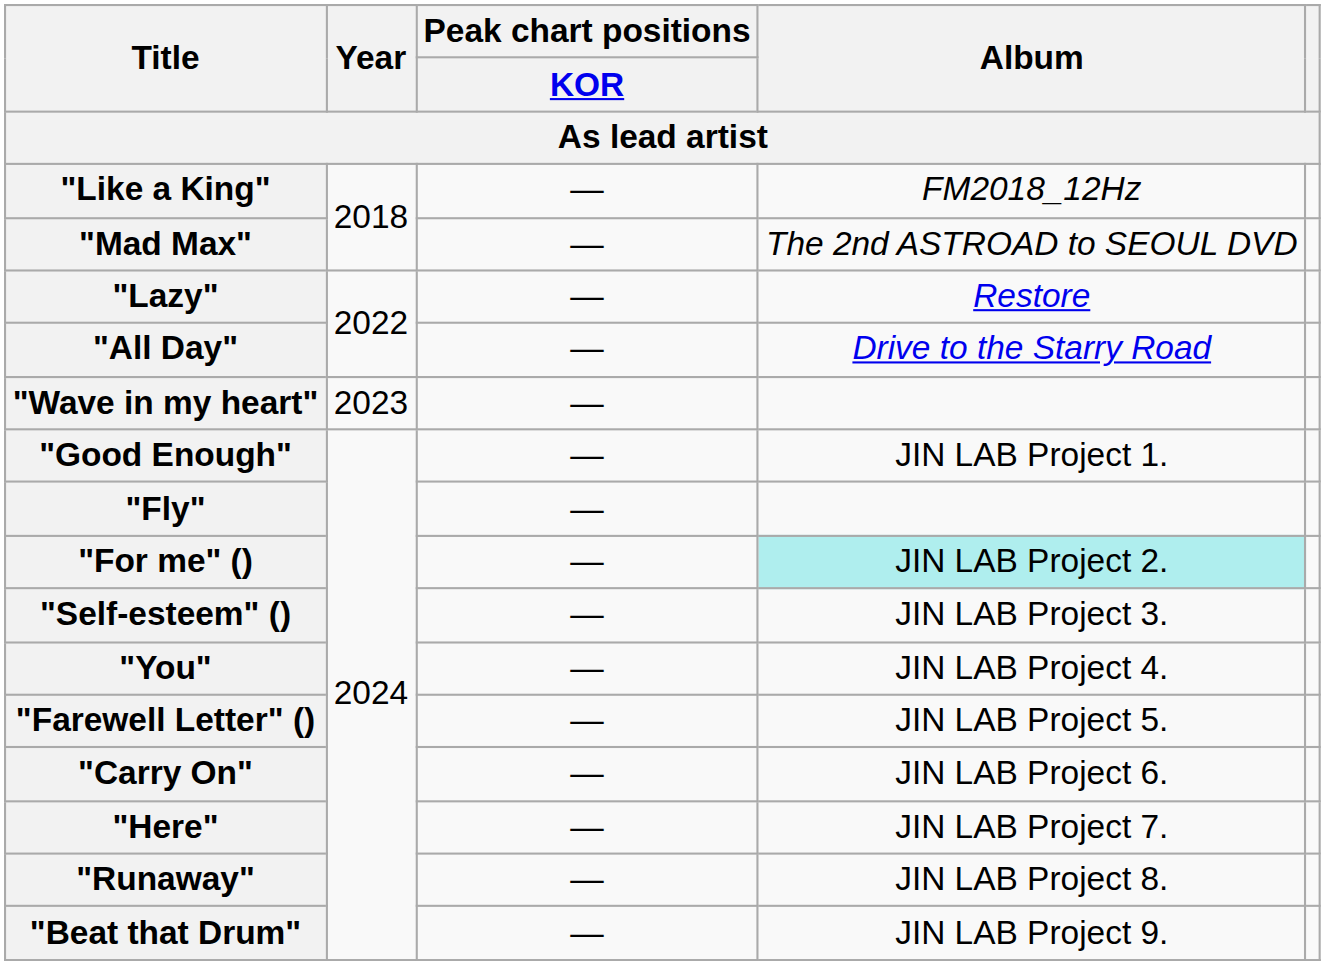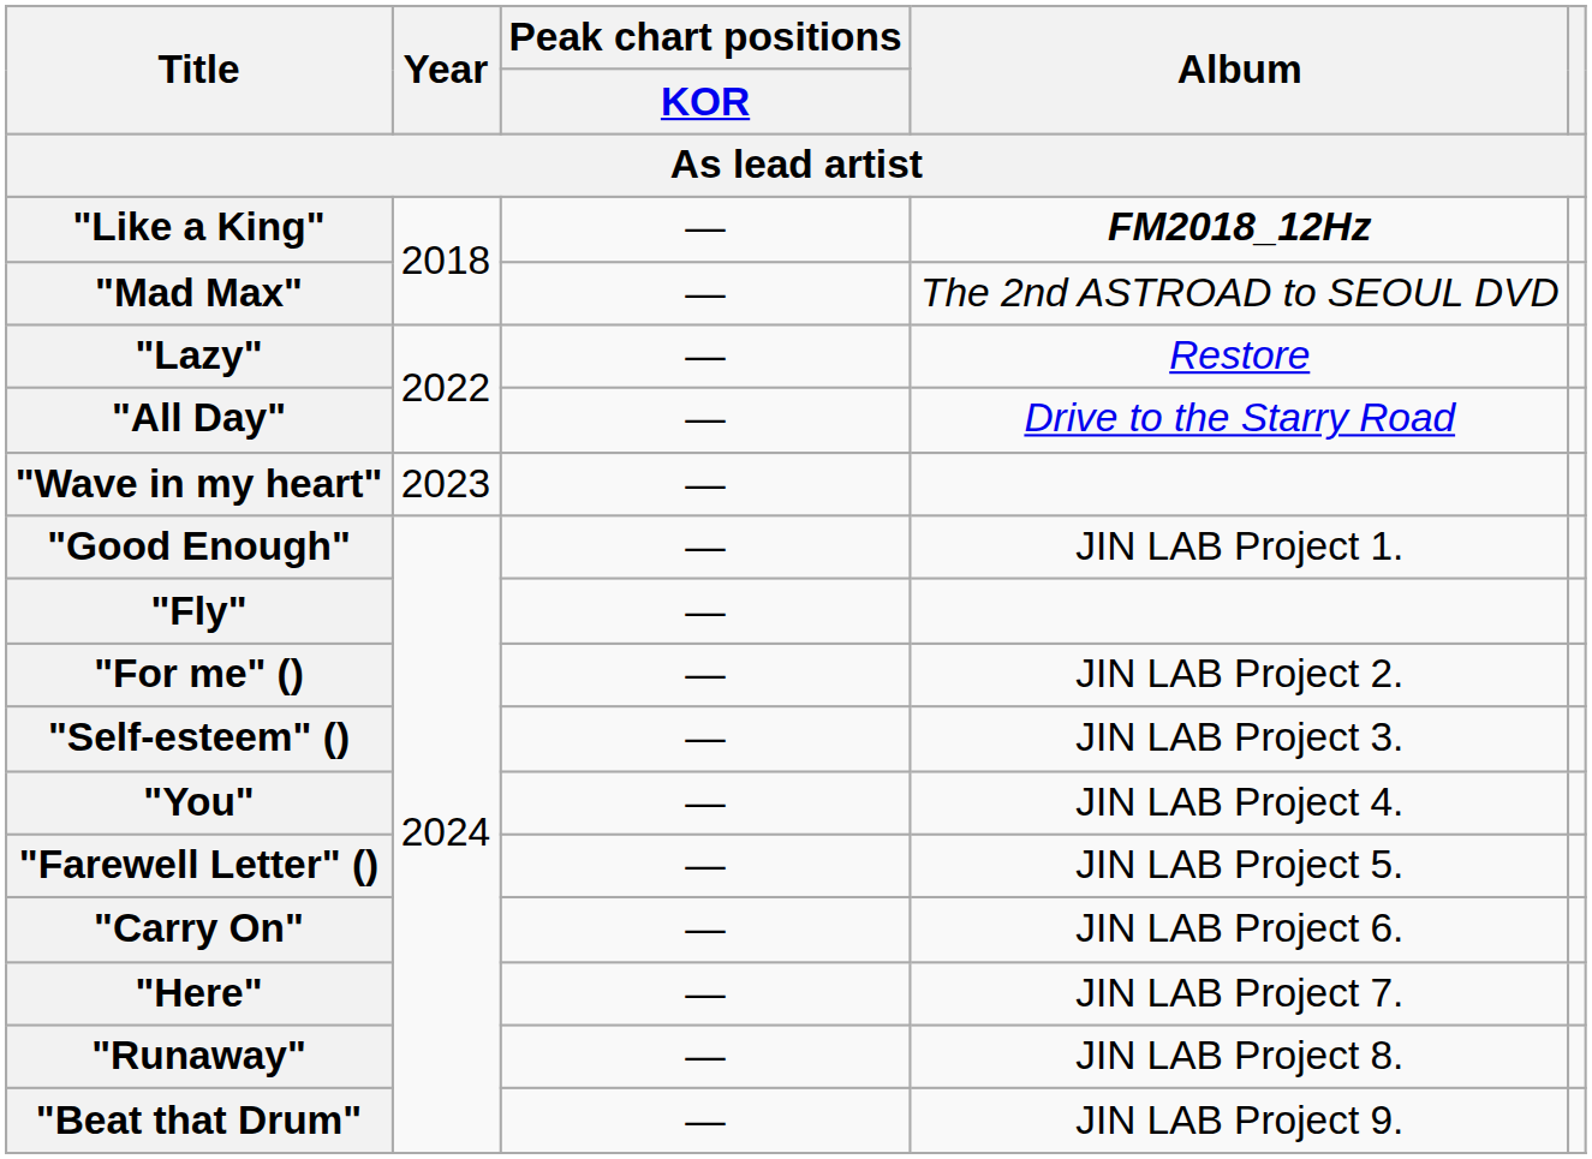 <table class="wikitable plainrowheaders" style="text-align:center;">
 <tr>
 <th rowspan="2">Title</th>
 <th rowspan="2">Year</th>
 <th colspan="">Peak chart positions</th>
 <th rowspan="2">Album</th>
 <th rowspan="2"></th>
 </tr>
 <tr>
 <th><a href='#'>KOR</a></th>
 </tr>
 <tr>
 <th colspan="6">As lead artist</th>
 </tr>
 <tr>
 <th scope="row">"Like a King" <br></th>
 <td rowspan="2">2018</td>
 <td>—</td>
-<td><em>FM2018_12Hz</em></td>
+<td><strong><em>FM2018_12Hz</em></strong></td>
 <td style="text-align:center"></td>
 </tr>
 <tr>
 <th scope="row">"Mad Max"</th>
 <td>—</td>
 <td><em>The 2nd ASTROAD to SEOUL DVD</em></td>
 <td style="text-align:center"></td>
 </tr>
 <tr>
 <th scope="row">"Lazy" <br></th>
 <td rowspan="2">2022</td>
 <td>—</td>
 <td><em><a href='#'>Restore</a></em></td>
 <td style="text-align:center"></td>
 </tr>
 <tr>
 <th scope="row">"All Day"</th>
 <td>—</td>
 <td><em><a href='#'>Drive to the Starry Road</a></em></td>
 <td></td>
 </tr>
 <tr>
 <th scope="row">"Wave in my heart" <br></th>
 <td>2023</td>
 <td>—</td>
 <td></td>
 <td style="text-align:center"></td>
 </tr>
 <tr>
 <th scope="row">"Good Enough"</th>
 <td rowspan="10">2024</td>
 <td>—</td>
 <td>JIN LAB Project 1.</td>
 <td style="text-align:center"></td>
 </tr>
 <tr>
 <th scope="row">"Fly" <br></th>
 <td>—</td>
 <td></td>
 <td style="text-align:center"></td>
 </tr>
 <tr>
 <th scope="row">"For me" () <br></th>
 <td>—</td>
-<td style="background: paleturquoise;">JIN LAB Project 2.</td>
+<td>JIN LAB Project 2.</td>
 <td style="text-align:center"></td>
 </tr>
 <tr>
 <th scope="row">"Self-esteem" ()</th>
 <td>—</td>
 <td>JIN LAB Project 3.</td>
 <td style="text-align:center"></td>
 </tr>
 <tr>
 <th scope="row">"You"</th>
 <td>—</td>
 <td>JIN LAB Project 4.</td>
 <td style="text-align:center"></td>
 </tr>
 <tr>
 <th scope="row">"Farewell Letter" ()</th>
 <td>—</td>
 <td>JIN LAB Project 5.</td>
 <td style="text-align:center"></td>
 </tr>
 <tr>
 <th scope="row">"Carry On"</th>
 <td>—</td>
 <td>JIN LAB Project 6.</td>
 <td style="text-align:center"></td>
 </tr>
 <tr>
 <th scope="row">"Here"</th>
 <td>—</td>
 <td>JIN LAB Project 7.</td>
 <td style="text-align:center"></td>
 </tr>
 <tr>
 <th scope="row">"Runaway"</th>
 <td>—</td>
 <td>JIN LAB Project 8.</td>
 <td style="text-align:center"></td>
 </tr>
 <tr>
 <th scope="row">"Beat that Drum"</th>
 <td>—</td>
 <td>JIN LAB Project 9.</td>
 <td style="text-align:center"></td>
 </tr>
 <tr>
 </tr>
 </table>
